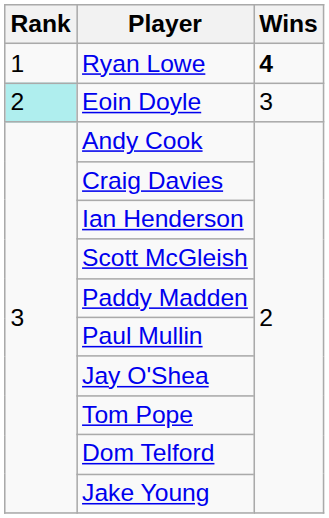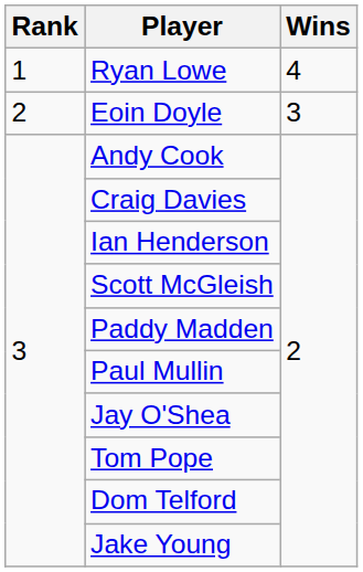 <table class="wikitable">
 <tr>
 <th>Rank</th>
 <th>Player</th>
 <th>Wins</th>
 </tr>
 <tr>
 <td>1</td>
 <td> <a href='#'>Ryan Lowe</a></td>
-<td><strong>4</strong></td>
+<td>4</td>
 </tr>
 <tr>
-<td style="background: paleturquoise;">2</td>
+<td>2</td>
 <td> <a href='#'>Eoin Doyle</a></td>
 <td>3</td>
 </tr>
 <tr>
 <td rowspan="10">3</td>
 <td> <a href='#'>Andy Cook</a></td>
 <td rowspan="10">2</td>
 </tr>
 <tr>
 <td> <a href='#'>Craig Davies</a></td>
 </tr>
 <tr>
 <td> <a href='#'>Ian Henderson</a></td>
 </tr>
 <tr>
 <td> <a href='#'>Scott McGleish</a></td>
 </tr>
 <tr>
 <td> <a href='#'>Paddy Madden</a></td>
 </tr>
 <tr>
 <td> <a href='#'>Paul Mullin</a></td>
 </tr>
 <tr>
 <td> <a href='#'>Jay O'Shea</a></td>
 </tr>
 <tr>
 <td> <a href='#'>Tom Pope</a></td>
 </tr>
 <tr>
 <td> <a href='#'>Dom Telford</a></td>
 </tr>
 <tr>
 <td> <a href='#'>Jake Young</a></td>
 </tr>
 </table>
